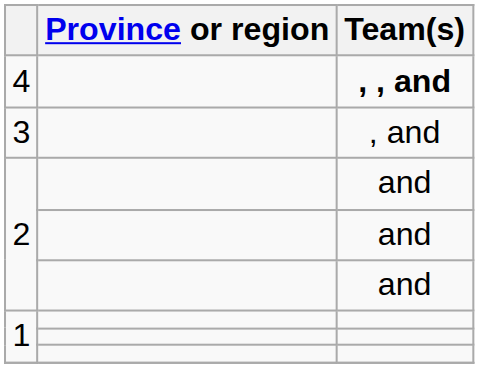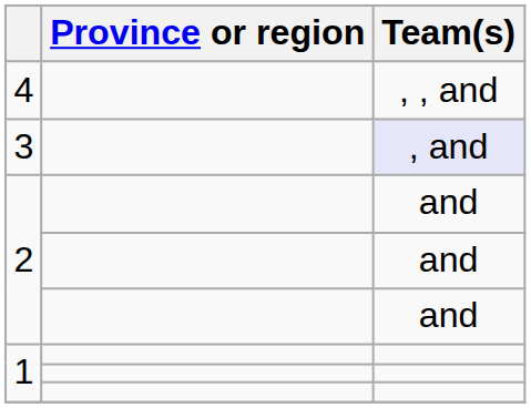 <table class="wikitable sortable" style="text-align:center">
 <tr>
 <th></th>
 <th><a href='#'>Province</a> or region</th>
 <th>Team(s)</th>
 </tr>
 <tr>
 <td rowspan=1>4</td>
 <td align="left"><em></em></td>
-<td><strong>, ,  and </strong></td>
+<td>, ,  and </td>
 </tr>
 <tr>
 <td rowspan=1>3</td>
 <td align="left"><em></em></td>
-<td>,  and </td>
+<td style="background: lavender;">,  and </td>
 </tr>
 <tr>
 <td rowspan=3>2</td>
 <td align="left"><em></em></td>
 <td> and </td>
 </tr>
 <tr>
 <td align="left"><em></em></td>
 <td> and </td>
 </tr>
 <tr>
 <td align="left"><em></em></td>
 <td> and </td>
 </tr>
 <tr>
 <td rowspan=3>1</td>
 <td align="left"><em></em></td>
 <td></td>
 </tr>
 <tr>
 <td align="left"><em></em></td>
 <td></td>
 </tr>
 <tr>
 <td align="left"><em></em></td>
 <td></td>
 </tr>
 <tr>
 </tr>
 </table>
